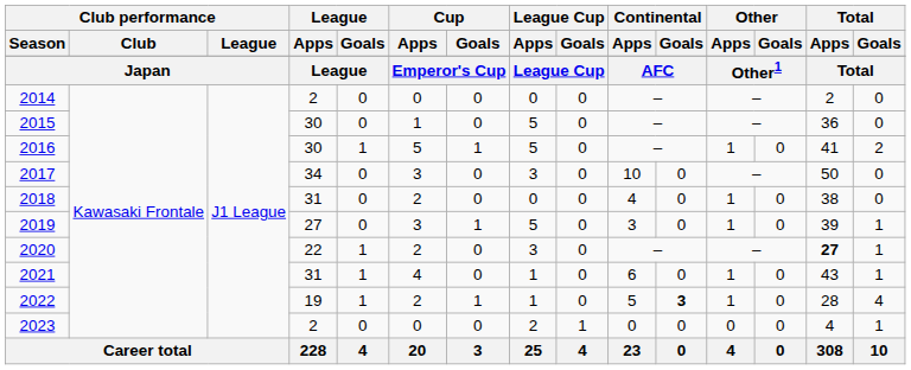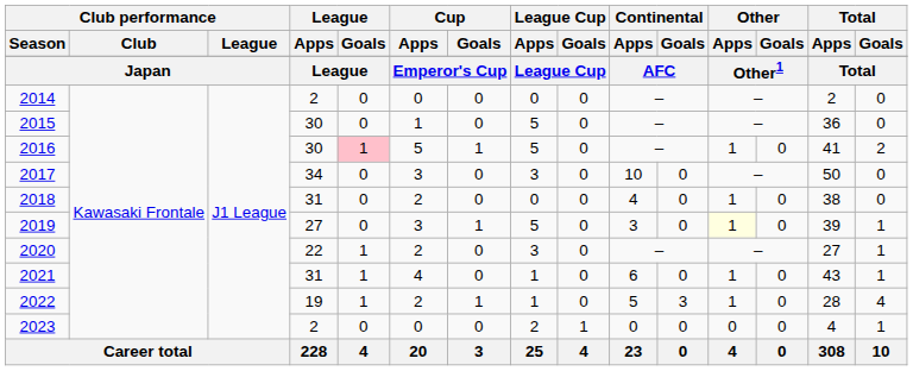 <table class="wikitable" style="text-align:center">
 <tr>
 <th colspan=3>Club performance</th>
 <th colspan=2>League</th>
 <th colspan=2>Cup</th>
 <th colspan=2>League Cup</th>
 <th colspan=2>Continental</th>
 <th colspan=2>Other</th>
 <th colspan=2>Total</th>
 </tr>
 <tr>
 <th>Season</th>
 <th>Club</th>
 <th>League</th>
 <th>Apps</th>
 <th>Goals</th>
 <th>Apps</th>
 <th>Goals</th>
 <th>Apps</th>
 <th>Goals</th>
 <th>Apps</th>
 <th>Goals</th>
 <th>Apps</th>
 <th>Goals</th>
 <th>Apps</th>
 <th>Goals</th>
 </tr>
 <tr>
 </tr>
 <tr>
 <th colspan=3>Japan</th>
 <th colspan=2>League</th>
 <th colspan=2><a href='#'>Emperor's Cup</a></th>
 <th colspan=2><a href='#'>League Cup</a></th>
 <th colspan=2><a href='#'>AFC</a></th>
 <th colspan="2">Other<sup><a href='#'>1</a></sup></th>
 <th colspan=2>Total</th>
 </tr>
 <tr>
 <td><a href='#'>2014</a></td>
 <td rowspan="10"><a href='#'>Kawasaki Frontale</a></td>
 <td rowspan="10"><a href='#'>J1 League</a></td>
 <td>2</td>
 <td>0</td>
 <td>0</td>
 <td>0</td>
 <td>0</td>
 <td>0</td>
 <td colspan="2">–</td>
 <td colspan="2">–</td>
 <td>2</td>
 <td>0</td>
 </tr>
 <tr>
 <td><a href='#'>2015</a></td>
 <td>30</td>
 <td>0</td>
 <td>1</td>
 <td>0</td>
 <td>5</td>
 <td>0</td>
 <td colspan="2">–</td>
 <td colspan="2">–</td>
 <td>36</td>
 <td>0</td>
 </tr>
 <tr>
 <td><a href='#'>2016</a></td>
 <td>30</td>
-<td>1</td>
+<td style="background: pink;">1</td>
 <td>5</td>
 <td>1</td>
 <td>5</td>
 <td>0</td>
 <td colspan="2">–</td>
 <td>1</td>
 <td>0</td>
 <td>41</td>
 <td>2</td>
 </tr>
 <tr>
 <td><a href='#'>2017</a></td>
 <td>34</td>
 <td>0</td>
 <td>3</td>
 <td>0</td>
 <td>3</td>
 <td>0</td>
 <td>10</td>
 <td>0</td>
 <td colspan="2">–</td>
 <td>50</td>
 <td>0</td>
 </tr>
 <tr>
 <td><a href='#'>2018</a></td>
 <td>31</td>
 <td>0</td>
 <td>2</td>
 <td>0</td>
 <td>0</td>
 <td>0</td>
 <td>4</td>
 <td>0</td>
 <td>1</td>
 <td>0</td>
 <td>38</td>
 <td>0</td>
 </tr>
 <tr>
 <td><a href='#'>2019</a></td>
 <td>27</td>
 <td>0</td>
 <td>3</td>
 <td>1</td>
 <td>5</td>
 <td>0</td>
 <td>3</td>
 <td>0</td>
-<td>1</td>
+<td style="background: lightyellow;">1</td>
 <td>0</td>
 <td>39</td>
 <td>1</td>
 </tr>
 <tr>
 <td><a href='#'>2020</a></td>
 <td>22</td>
 <td>1</td>
 <td>2</td>
 <td>0</td>
 <td>3</td>
 <td>0</td>
 <td colspan="2">–</td>
 <td colspan="2">–</td>
-<td><strong>27</strong></td>
+<td>27</td>
 <td>1</td>
 </tr>
 <tr>
 <td><a href='#'>2021</a></td>
 <td>31</td>
 <td>1</td>
 <td>4</td>
 <td>0</td>
 <td>1</td>
 <td>0</td>
 <td>6</td>
 <td>0</td>
 <td>1</td>
 <td>0</td>
 <td>43</td>
 <td>1</td>
 </tr>
 <tr>
 <td><a href='#'>2022</a></td>
 <td>19</td>
 <td>1</td>
 <td>2</td>
 <td>1</td>
 <td>1</td>
 <td>0</td>
 <td>5</td>
-<td><strong>3</strong></td>
+<td>3</td>
 <td>1</td>
 <td>0</td>
 <td>28</td>
 <td>4</td>
 </tr>
 <tr>
 <td><a href='#'>2023</a></td>
 <td>2</td>
 <td>0</td>
 <td>0</td>
 <td>0</td>
 <td>2</td>
 <td>1</td>
 <td>0</td>
 <td>0</td>
 <td>0</td>
 <td>0</td>
 <td>4</td>
 <td>1</td>
 </tr>
 <tr>
 <th colspan=3>Career total</th>
 <th>228</th>
 <th>4</th>
 <th>20</th>
 <th>3</th>
 <th>25</th>
 <th>4</th>
 <th>23</th>
 <th>0</th>
 <th>4</th>
 <th>0</th>
 <th>308</th>
 <th>10</th>
 </tr>
 </table>
